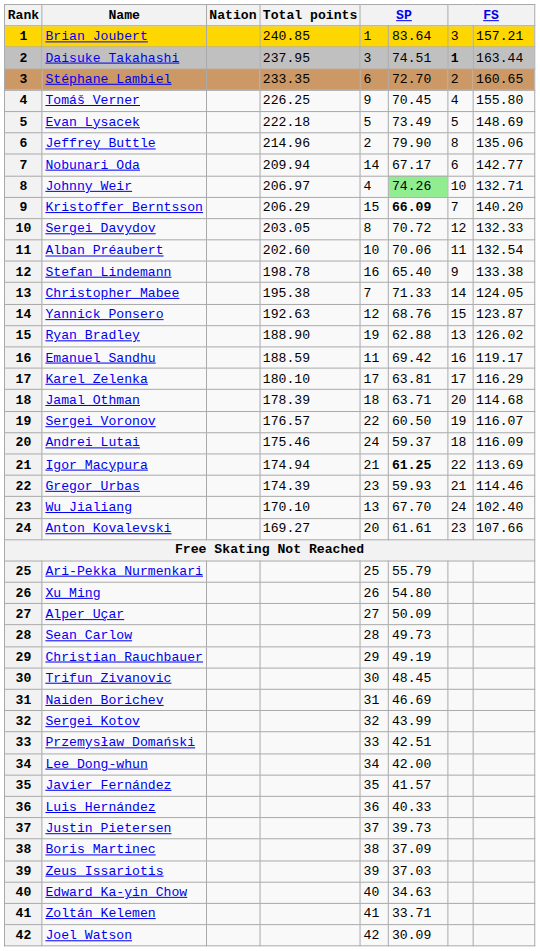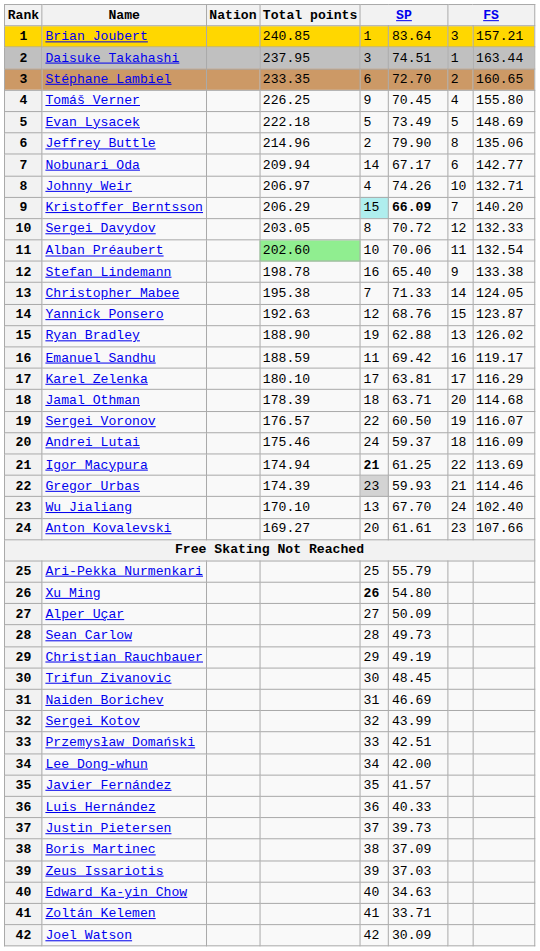 <table class="wikitable">
 <tr>
 <th>Rank</th>
 <th>Name</th>
 <th>Nation</th>
 <th>Total points</th>
 <th colspan="2" width="80px"><a href='#'>SP</a></th>
 <th colspan="2" width="80px"><a href='#'>FS</a></th>
 </tr>
 <tr bgcolor=gold>
 <td align=center><strong>1</strong></td>
 <td><a href='#'>Brian Joubert</a></td>
 <td></td>
 <td>240.85</td>
 <td>1</td>
 <td>83.64</td>
 <td>3</td>
 <td>157.21</td>
 </tr>
 <tr bgcolor=silver>
 <td align=center><strong>2</strong></td>
 <td><a href='#'>Daisuke Takahashi</a></td>
 <td></td>
 <td>237.95</td>
 <td>3</td>
 <td>74.51</td>
-<td><strong>1</strong></td>
+<td>1</td>
 <td>163.44</td>
 </tr>
 <tr bgcolor=cc9966>
 <td align=center><strong>3</strong></td>
 <td><a href='#'>Stéphane Lambiel</a></td>
 <td></td>
 <td>233.35</td>
 <td>6</td>
 <td>72.70</td>
 <td>2</td>
 <td>160.65</td>
 </tr>
 <tr>
 <th>4</th>
 <td><a href='#'>Tomáš Verner</a></td>
 <td></td>
 <td>226.25</td>
 <td>9</td>
 <td>70.45</td>
 <td>4</td>
 <td>155.80</td>
 </tr>
 <tr>
 <th>5</th>
 <td><a href='#'>Evan Lysacek</a></td>
 <td></td>
 <td>222.18</td>
 <td>5</td>
 <td>73.49</td>
 <td>5</td>
 <td>148.69</td>
 </tr>
 <tr>
 <th>6</th>
 <td><a href='#'>Jeffrey Buttle</a></td>
 <td></td>
 <td>214.96</td>
 <td>2</td>
 <td>79.90</td>
 <td>8</td>
 <td>135.06</td>
 </tr>
 <tr>
 <th>7</th>
 <td><a href='#'>Nobunari Oda</a></td>
 <td></td>
 <td>209.94</td>
 <td>14</td>
 <td>67.17</td>
 <td>6</td>
 <td>142.77</td>
 </tr>
 <tr>
 <th>8</th>
 <td><a href='#'>Johnny Weir</a></td>
 <td></td>
 <td>206.97</td>
 <td>4</td>
-<td style="background: lightgreen;">74.26</td>
+<td>74.26</td>
 <td>10</td>
 <td>132.71</td>
 </tr>
 <tr>
 <th>9</th>
 <td><a href='#'>Kristoffer Berntsson</a></td>
 <td></td>
 <td>206.29</td>
-<td>15</td>
+<td style="background: paleturquoise;">15</td>
 <td><strong>66.09</strong></td>
 <td>7</td>
 <td>140.20</td>
 </tr>
 <tr>
 <th>10</th>
 <td><a href='#'>Sergei Davydov</a></td>
 <td></td>
 <td>203.05</td>
 <td>8</td>
 <td>70.72</td>
 <td>12</td>
 <td>132.33</td>
 </tr>
 <tr>
 <th>11</th>
 <td><a href='#'>Alban Préaubert</a></td>
 <td></td>
-<td>202.60</td>
+<td style="background: lightgreen;">202.60</td>
 <td>10</td>
 <td>70.06</td>
 <td>11</td>
 <td>132.54</td>
 </tr>
 <tr>
 <th>12</th>
 <td><a href='#'>Stefan Lindemann</a></td>
 <td></td>
 <td>198.78</td>
 <td>16</td>
 <td>65.40</td>
 <td>9</td>
 <td>133.38</td>
 </tr>
 <tr>
 <th>13</th>
 <td><a href='#'>Christopher Mabee</a></td>
 <td></td>
 <td>195.38</td>
 <td>7</td>
 <td>71.33</td>
 <td>14</td>
 <td>124.05</td>
 </tr>
 <tr>
 <th>14</th>
 <td><a href='#'>Yannick Ponsero</a></td>
 <td></td>
 <td>192.63</td>
 <td>12</td>
 <td>68.76</td>
 <td>15</td>
 <td>123.87</td>
 </tr>
 <tr>
 <th>15</th>
 <td><a href='#'>Ryan Bradley</a></td>
 <td></td>
 <td>188.90</td>
 <td>19</td>
 <td>62.88</td>
 <td>13</td>
 <td>126.02</td>
 </tr>
 <tr>
 <th>16</th>
 <td><a href='#'>Emanuel Sandhu</a></td>
 <td></td>
 <td>188.59</td>
 <td>11</td>
 <td>69.42</td>
 <td>16</td>
 <td>119.17</td>
 </tr>
 <tr>
 <th>17</th>
 <td><a href='#'>Karel Zelenka</a></td>
 <td></td>
 <td>180.10</td>
 <td>17</td>
 <td>63.81</td>
 <td>17</td>
 <td>116.29</td>
 </tr>
 <tr>
 <th>18</th>
 <td><a href='#'>Jamal Othman</a></td>
 <td></td>
 <td>178.39</td>
 <td>18</td>
 <td>63.71</td>
 <td>20</td>
 <td>114.68</td>
 </tr>
 <tr>
 <th>19</th>
 <td><a href='#'>Sergei Voronov</a></td>
 <td></td>
 <td>176.57</td>
 <td>22</td>
 <td>60.50</td>
 <td>19</td>
 <td>116.07</td>
 </tr>
 <tr>
 <th>20</th>
 <td><a href='#'>Andrei Lutai</a></td>
 <td></td>
 <td>175.46</td>
 <td>24</td>
 <td>59.37</td>
 <td>18</td>
 <td>116.09</td>
 </tr>
 <tr>
 <th>21</th>
 <td><a href='#'>Igor Macypura</a></td>
 <td></td>
 <td>174.94</td>
-<td>21</td>
-<td><strong>61.25</strong></td>
+<td><strong>21</strong></td>
+<td>61.25</td>
 <td>22</td>
 <td>113.69</td>
 </tr>
 <tr>
 <th>22</th>
 <td><a href='#'>Gregor Urbas</a></td>
 <td></td>
 <td>174.39</td>
-<td>23</td>
+<td style="background: lightgrey;">23</td>
 <td>59.93</td>
 <td>21</td>
 <td>114.46</td>
 </tr>
 <tr>
 <th>23</th>
 <td><a href='#'>Wu Jialiang</a></td>
 <td></td>
 <td>170.10</td>
 <td>13</td>
 <td>67.70</td>
 <td>24</td>
 <td>102.40</td>
 </tr>
 <tr>
 <th>24</th>
 <td><a href='#'>Anton Kovalevski</a></td>
 <td></td>
 <td>169.27</td>
 <td>20</td>
 <td>61.61</td>
 <td>23</td>
 <td>107.66</td>
 </tr>
 <tr>
 <th colspan=8>Free Skating Not Reached</th>
 </tr>
 <tr>
 <th>25</th>
 <td><a href='#'>Ari-Pekka Nurmenkari</a></td>
 <td></td>
 <td></td>
 <td>25</td>
 <td>55.79</td>
 <td></td>
 <td></td>
 </tr>
 <tr>
 <th>26</th>
 <td><a href='#'>Xu Ming</a></td>
 <td></td>
 <td></td>
-<td>26</td>
+<td><strong>26</strong></td>
 <td>54.80</td>
 <td></td>
 <td></td>
 </tr>
 <tr>
 <th>27</th>
 <td><a href='#'>Alper Uçar</a></td>
 <td></td>
 <td></td>
 <td>27</td>
 <td>50.09</td>
 <td></td>
 <td></td>
 </tr>
 <tr>
 <th>28</th>
 <td><a href='#'>Sean Carlow</a></td>
 <td></td>
 <td></td>
 <td>28</td>
 <td>49.73</td>
 <td></td>
 <td></td>
 </tr>
 <tr>
 <th>29</th>
 <td><a href='#'>Christian Rauchbauer</a></td>
 <td></td>
 <td></td>
 <td>29</td>
 <td>49.19</td>
 <td></td>
 <td></td>
 </tr>
 <tr>
 <th>30</th>
 <td><a href='#'>Trifun Zivanovic</a></td>
 <td></td>
 <td></td>
 <td>30</td>
 <td>48.45</td>
 <td></td>
 <td></td>
 </tr>
 <tr>
 <th>31</th>
 <td><a href='#'>Naiden Borichev</a></td>
 <td></td>
 <td></td>
 <td>31</td>
 <td>46.69</td>
 <td></td>
 <td></td>
 </tr>
 <tr>
 <th>32</th>
 <td><a href='#'>Sergei Kotov</a></td>
 <td></td>
 <td></td>
 <td>32</td>
 <td>43.99</td>
 <td></td>
 <td></td>
 </tr>
 <tr>
 <th>33</th>
 <td><a href='#'>Przemysław Domański</a></td>
 <td></td>
 <td></td>
 <td>33</td>
 <td>42.51</td>
 <td></td>
 <td></td>
 </tr>
 <tr>
 <th>34</th>
 <td><a href='#'>Lee Dong-whun</a></td>
 <td></td>
 <td></td>
 <td>34</td>
 <td>42.00</td>
 <td></td>
 <td></td>
 </tr>
 <tr>
 <th>35</th>
 <td><a href='#'>Javier Fernández</a></td>
 <td></td>
 <td></td>
 <td>35</td>
 <td>41.57</td>
 <td></td>
 <td></td>
 </tr>
 <tr>
 <th>36</th>
 <td><a href='#'>Luis Hernández</a></td>
 <td></td>
 <td></td>
 <td>36</td>
 <td>40.33</td>
 <td></td>
 <td></td>
 </tr>
 <tr>
 <th>37</th>
 <td><a href='#'>Justin Pietersen</a></td>
 <td></td>
 <td></td>
 <td>37</td>
 <td>39.73</td>
 <td></td>
 <td></td>
 </tr>
 <tr>
 <th>38</th>
 <td><a href='#'>Boris Martinec</a></td>
 <td></td>
 <td></td>
 <td>38</td>
 <td>37.09</td>
 <td></td>
 <td></td>
 </tr>
 <tr>
 <th>39</th>
 <td><a href='#'>Zeus Issariotis</a></td>
 <td></td>
 <td></td>
 <td>39</td>
 <td>37.03</td>
 <td></td>
 <td></td>
 </tr>
 <tr>
 <th>40</th>
 <td><a href='#'>Edward Ka-yin Chow</a></td>
 <td></td>
 <td></td>
 <td>40</td>
 <td>34.63</td>
 <td></td>
 <td></td>
 </tr>
 <tr>
 <th>41</th>
 <td><a href='#'>Zoltán Kelemen</a></td>
 <td></td>
 <td></td>
 <td>41</td>
 <td>33.71</td>
 <td></td>
 <td></td>
 </tr>
 <tr>
 <th>42</th>
 <td><a href='#'>Joel Watson</a></td>
 <td></td>
 <td></td>
 <td>42</td>
 <td>30.09</td>
 <td></td>
 <td></td>
 </tr>
 </table>
